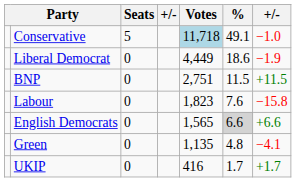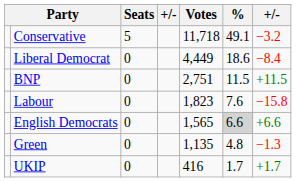 <table class="wikitable">
 <tr>
 <th colspan="2">Party</th>
 <th>Seats</th>
 <th>+/-</th>
 <th>Votes</th>
 <th>%</th>
 <th>+/-</th>
 </tr>
 <tr>
 <td style="background-color: "></td>
 <td><a href='#'>Conservative</a></td>
 <td>5</td>
 <td></td>
-<td style="background: lightblue;">11,718</td>
+<td>11,718</td>
 <td>49.1</td>
-<td style="color:red">−1.0</td>
+<td style="color:red">−3.2</td>
 </tr>
 <tr>
 <td style="background-color: "></td>
 <td><a href='#'>Liberal Democrat</a></td>
 <td>0</td>
 <td></td>
 <td>4,449</td>
 <td>18.6</td>
-<td style="color:red">−1.9</td>
+<td style="color:red">−8.4</td>
 </tr>
 <tr>
 <td style="background-color: "></td>
 <td><a href='#'>BNP</a></td>
 <td>0</td>
 <td></td>
 <td>2,751</td>
 <td>11.5</td>
 <td style="color:green">+11.5</td>
 </tr>
 <tr>
 <td style="background-color: "></td>
 <td><a href='#'>Labour</a></td>
 <td>0</td>
 <td></td>
 <td>1,823</td>
 <td>7.6</td>
 <td style="color:red">−15.8</td>
 </tr>
 <tr>
 <td style="background-color: "></td>
 <td><a href='#'>English Democrats</a></td>
 <td>0</td>
 <td></td>
 <td>1,565</td>
 <td style="background: lightgrey;">6.6</td>
 <td style="color:green">+6.6</td>
 </tr>
 <tr>
 <td style="background-color: "></td>
 <td><a href='#'>Green</a></td>
 <td>0</td>
 <td></td>
 <td>1,135</td>
 <td>4.8</td>
-<td style="color:red">−4.1</td>
+<td style="color:red">−1.3</td>
 </tr>
 <tr>
 <td style="background-color: "></td>
 <td><a href='#'>UKIP</a></td>
 <td>0</td>
 <td></td>
 <td>416</td>
 <td>1.7</td>
 <td style="color:green">+1.7</td>
 </tr>
 </table>
